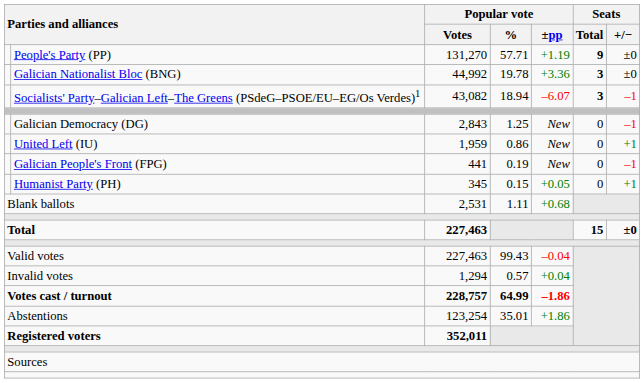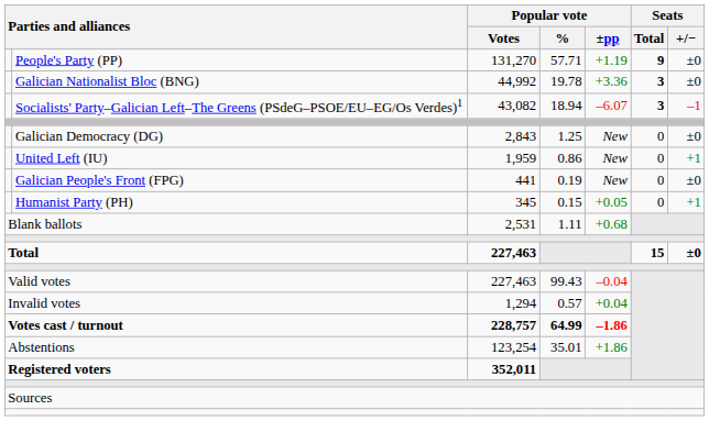 <table class="wikitable" style="text-align:right;">
 <tr>
 <th style="text-align:left;" rowspan="2" colspan="2" width="525">Parties and alliances</th>
 <th colspan="3">Popular vote</th>
 <th colspan="2">Seats</th>
 </tr>
 <tr>
 <th width="75">Votes</th>
 <th width="45">%</th>
 <th width="45">±<a href='#'>pp</a></th>
 <th width="35">Total</th>
 <th width="35">+/−</th>
 </tr>
 <tr>
 <td width="1" style="color:inherit;background:"></td>
 <td align="left"><a href='#'>People's Party</a> (PP)</td>
 <td>131,270</td>
 <td>57.71</td>
 <td style="color:green;">+1.19</td>
 <td><strong>9</strong></td>
 <td>±0</td>
 </tr>
 <tr>
 <td style="color:inherit;background:"></td>
 <td align="left"><a href='#'>Galician Nationalist Bloc</a> (BNG)</td>
 <td>44,992</td>
 <td>19.78</td>
 <td style="color:green;">+3.36</td>
 <td><strong>3</strong></td>
 <td>±0</td>
 </tr>
 <tr>
 <td style="color:inherit;background:"></td>
 <td align="left"><a href='#'>Socialists' Party</a>–<a href='#'>Galician Left</a>–<a href='#'>The Greens</a> (PSdeG–PSOE/EU–EG/Os Verdes)<sup>1</sup></td>
 <td>43,082</td>
 <td>18.94</td>
 <td style="color:red;">–6.07</td>
 <td><strong>3</strong></td>
 <td style="color:red;">–1</td>
 </tr>
 <tr>
 <td colspan="7" bgcolor="#C0C0C0"></td>
 </tr>
 <tr>
 <td style="color:inherit;background:"></td>
 <td align="left">Galician Democracy (DG)</td>
 <td>2,843</td>
 <td>1.25</td>
 <td><em>New</em></td>
 <td>0</td>
-<td style="color:red;">–1</td>
+<td>±0</td>
 </tr>
 <tr>
 <td style="color:inherit;background:"></td>
 <td align="left"><a href='#'>United Left</a> (IU)</td>
 <td>1,959</td>
 <td>0.86</td>
 <td><em>New</em></td>
 <td>0</td>
 <td style="color:green;">+1</td>
 </tr>
 <tr>
 <td style="color:inherit;background:"></td>
 <td align="left"><a href='#'>Galician People's Front</a> (FPG)</td>
 <td>441</td>
 <td>0.19</td>
 <td><em>New</em></td>
 <td>0</td>
-<td style="color:red;">–1</td>
+<td>±0</td>
 </tr>
 <tr>
 <td style="color:inherit;background:"></td>
 <td align="left"><a href='#'>Humanist Party</a> (PH)</td>
 <td>345</td>
 <td>0.15</td>
 <td style="color:green;">+0.05</td>
 <td>0</td>
 <td style="color:green;">+1</td>
 </tr>
 <tr>
 <td align="left" colspan="2">Blank ballots</td>
 <td>2,531</td>
 <td>1.11</td>
 <td style="color:green;">+0.68</td>
 <td bgcolor="#E9E9E9" colspan="2"></td>
 </tr>
 <tr>
 <td colspan="7" bgcolor="#E9E9E9"></td>
 </tr>
 <tr style="font-weight:bold;">
 <td align="left" colspan="2">Total</td>
 <td>227,463</td>
 <td bgcolor="#E9E9E9" colspan="2"></td>
 <td>15</td>
 <td>±0</td>
 </tr>
 <tr>
 <td colspan="7" bgcolor="#E9E9E9"></td>
 </tr>
 <tr>
 <td align="left" colspan="2">Valid votes</td>
 <td>227,463</td>
 <td>99.43</td>
 <td style="color:red;">–0.04</td>
 <td bgcolor="#E9E9E9" colspan="7" rowspan="5"></td>
 </tr>
 <tr>
 <td align="left" colspan="2">Invalid votes</td>
 <td>1,294</td>
 <td>0.57</td>
 <td style="color:green;">+0.04</td>
 </tr>
 <tr style="font-weight:bold;">
 <td align="left" colspan="2">Votes cast / turnout</td>
 <td>228,757</td>
 <td>64.99</td>
 <td style="color:red;">–1.86</td>
 </tr>
 <tr>
 <td align="left" colspan="2">Abstentions</td>
 <td>123,254</td>
 <td>35.01</td>
 <td style="color:green;">+1.86</td>
 </tr>
 <tr style="font-weight:bold;">
 <td align="left" colspan="2">Registered voters</td>
 <td>352,011</td>
 <td bgcolor="#E9E9E9" colspan="2"></td>
 </tr>
 <tr>
 <td colspan="7" bgcolor="#E9E9E9"></td>
 </tr>
 <tr>
 <td align="left" colspan="7">Sources</td>
 </tr>
 <tr>
 <td colspan="7" style="text-align:left; max-width:790px;"></td>
 </tr>
 </table>
